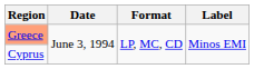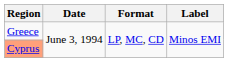 <table class="sortable wikitable">
 <tr>
 <th>Region</th>
 <th>Date</th>
 <th>Format</th>
 <th>Label</th>
 </tr>
 <tr>
-<td rowspan="1" style="background: lightsalmon;"><a href='#'>Greece</a></td>
+<td rowspan="1"><a href='#'>Greece</a></td>
 <td rowspan="2">June 3, 1994</td>
 <td rowspan="2"><a href='#'>LP</a>, <a href='#'>MC</a>, <a href='#'>CD</a></td>
 <td rowspan="2"><a href='#'>Minos EMI</a></td>
 </tr>
 <tr>
-<td><a href='#'>Cyprus</a></td>
+<td style="background: lightsalmon;"><a href='#'>Cyprus</a></td>
 </tr>
 </table>
